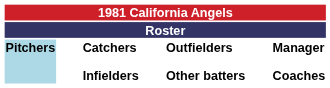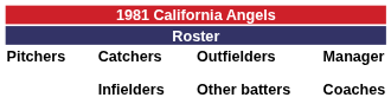 <table class="toccolours" style="font-size: 95%;">
 <tr>
 <th colspan="10" style="background-color: #CE2029; color: #FFFFFF; text-align: center;">1981 California Angels</th>
 </tr>
 <tr>
 <td colspan="10" style="background-color:#333366; color: white; text-align: center;"><strong>Roster</strong></td>
 </tr>
 <tr>
-<td valign="top" style="background: lightblue;"><strong>Pitchers</strong><br>               </td>
+<td valign="top"><strong>Pitchers</strong><br>               </td>
 <td width="25px"></td>
 <td valign="top"><strong>Catchers</strong><br>  <br><strong>Infielders</strong>         </td>
 <td width="25px"></td>
 <td valign="top"><strong>Outfielders</strong><br>       <br><strong>Other batters</strong> </td>
 <td width="25px"></td>
 <td valign="top"><strong>Manager</strong><br> <br><strong>Coaches</strong>      </td>
 </tr>
 </table>
